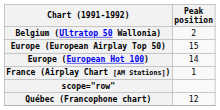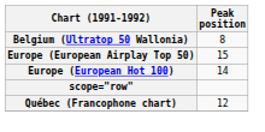 <table class="wikitable sortable plainrowheaders">
 <tr>
 <th>Chart (1991-1992)</th>
 <th>Peak<br>position</th>
 </tr>
 <tr>
 <th scope="row">Belgium (<a href='#'>Ultratop 50</a> Wallonia)</th>
-<td align="center">2</td>
+<td align="center">8</td>
 </tr>
 <tr>
 <th scope="row">Europe (European Airplay Top 50)</th>
 <td align="center">15</td>
 </tr>
 <tr>
 <th scope="row">Europe (<a href='#'>European Hot 100</a>)</th>
 <td align="center">14</td>
-</tr>
-<tr>
-<th scope="row">France (Airplay Chart <small>[AM Stations]</small>)</th>
-<td align="center">1</td>
 </tr>
 <tr>
 <th>scope="row"</th>
 </tr>
 <tr>
 <th scope="row">Québec (Francophone chart)</th>
 <td align="center">12</td>
 </tr>
 <tr>
 </tr>
 </table>
